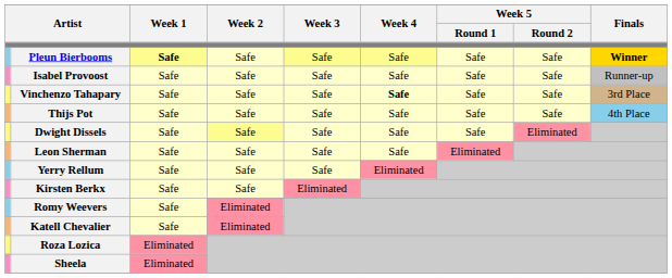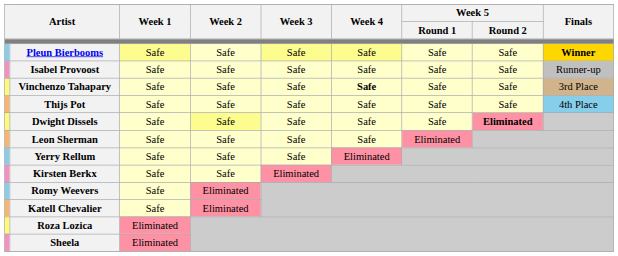 <table class="wikitable"  style="text-align:center; font-size:95%; width:100%;">
 <tr>
 </tr>
 <tr>
 <th width="18%" rowspan="2"  colspan="2" scope="col">Artist</th>
 <th width="11%" rowspan="2" colspan="1" scope="col">Week 1</th>
 <th width="11%" rowspan="2" colspan="1" scope="col">Week 2</th>
 <th width="11%" rowspan="2" colspan="1" scope="col">Week 3</th>
 <th width="11%" rowspan="2" colspan="1" scope="col">Week 4</th>
 <th width="11%" colspan="2" scope="col">Week 5</th>
 <th width="11%" rowspan="2" colspan="1" scope="col">Finals</th>
 </tr>
 <tr>
 <th style="width:11%">Round 1</th>
 <th style="width:11%">Round 2</th>
 </tr>
 <tr>
 <th colspan="10" style="background:grey;"></th>
 </tr>
 <tr>
 <th style="background:#87ceeb;"></th>
 <th><a href='#'>Pleun Bierbooms</a></th>
-<td style="background:#fdfc8f"><strong>Safe</strong></td>
+<td style="background:#fdfc8f">Safe</td>
 <td style="background:#FFFFCC">Safe</td>
 <td style="background:#fdfc8f">Safe</td>
 <td style="background:#fdfc8f">Safe</td>
 <td style="background:#ffffcc">Safe</td>
 <td style="background:#ffffcc">Safe</td>
 <td style="background:gold"><strong>Winner</strong></td>
 </tr>
 <tr>
 <th style="background:#F78FC2;"></th>
 <th>Isabel Provoost</th>
 <td style="background:#FFFFCC">Safe</td>
 <td bgcolor="#FFFFCC">Safe</td>
 <td bgcolor="#FFFFCC">Safe</td>
 <td style="background:#FFFFCC">Safe</td>
 <td style="background:#FFFFCC">Safe</td>
 <td style="background:#FFFFCC">Safe</td>
 <td style="background:silver">Runner-up</td>
 </tr>
 <tr>
 <th style="background:#fffa73;"></th>
 <th>Vinchenzo Tahapary</th>
 <td style="background:#FFFFCC">Safe</td>
 <td style="background:#FFFFCC">Safe</td>
 <td style="background:#FFFFCC">Safe</td>
 <td style="background:#FFFFCC"><strong>Safe</strong></td>
 <td style="background:#FFFFCC">Safe</td>
 <td style="background:#FFFFCC">Safe</td>
 <td style="background:tan">3rd Place</td>
 </tr>
 <tr>
 <th style="background:#fbb46e;"></th>
 <th>Thijs Pot</th>
 <td bgcolor="#FFFFCC">Safe</td>
 <td bgcolor="#FFFFCC">Safe</td>
 <td bgcolor="#FFFFCC">Safe</td>
 <td bgcolor="#FFFFCC">Safe</td>
 <td style="background:#FFFFCC">Safe</td>
 <td style="background:#FFFFCC">Safe</td>
 <td style="background:skyblue;">4th Place</td>
 </tr>
 <tr>
 <th style="background:#fffa73;"></th>
 <th>Dwight Dissels</th>
 <td style="background:#FFFFCC">Safe</td>
 <td style="background:#fdfc8f">Safe</td>
 <td style="background:#FFFFCC">Safe</td>
 <td bgcolor="#FFFFCC">Safe</td>
 <td style="background:#FFFFCC">Safe</td>
-<td style="background:#FF91A4;">Eliminated</td>
+<td style="background:#FF91A4;"><strong>Eliminated</strong></td>
 <td colspan="5" style="background:#ccc;"></td>
 </tr>
 <tr>
 <th style="background:#fbb46e;"></th>
 <th>Leon Sherman</th>
 <td style="background:#FFFFCC">Safe</td>
 <td style="background:#FFFFCC">Safe</td>
 <td style="background:#FFFFCC">Safe</td>
 <td style="background:#FFFFCC">Safe</td>
 <td style="background:#FF91A4;">Eliminated</td>
 <td colspan="5" style="background:#ccc;"></td>
 </tr>
 <tr>
 <th style="background:#87ceeb;"></th>
 <th>Yerry Rellum</th>
 <td bgcolor="#FFFFCC">Safe</td>
 <td bgcolor="#FFFFCC">Safe</td>
 <td bgcolor="#FFFFCC">Safe</td>
 <td style="background:#FF91A4;">Eliminated</td>
 <td colspan="5" style="background:#ccc;"></td>
 </tr>
 <tr>
 <th style="background:#F78FC2;"></th>
 <th>Kirsten Berkx</th>
 <td style="background:#FFFFCC">Safe</td>
 <td style="background:#FFFFCC">Safe</td>
 <td style="background:#FF91A4;">Eliminated</td>
 <td colspan="5" style="background:#ccc;"></td>
 </tr>
 <tr>
 <th style="background:#87ceeb;"></th>
 <th>Romy Weevers</th>
 <td bgcolor="#FFFFCC">Safe</td>
 <td style="background:#FF91A4;">Eliminated</td>
 <td rowspan="2" colspan="5" style="background:#ccc;"></td>
 </tr>
 <tr>
 <th style="background:#fbb46e;"></th>
 <th>Katell Chevalier</th>
 <td bgcolor="#FFFFCC">Safe</td>
 <td style="background:#FF91A4;">Eliminated</td>
 </tr>
 <tr>
 <th style="background:#fffa73;"></th>
 <th>Roza Lozica</th>
 <td style="background:#FF91A4;">Eliminated</td>
 <td rowspan="2" colspan="6" style="background:#ccc;"></td>
 </tr>
 <tr>
 <th style="background:#F78FC2;"></th>
 <th>Sheela</th>
 <td style="background:#FF91A4;">Eliminated</td>
 </tr>
 <tr>
 </tr>
 </table>
